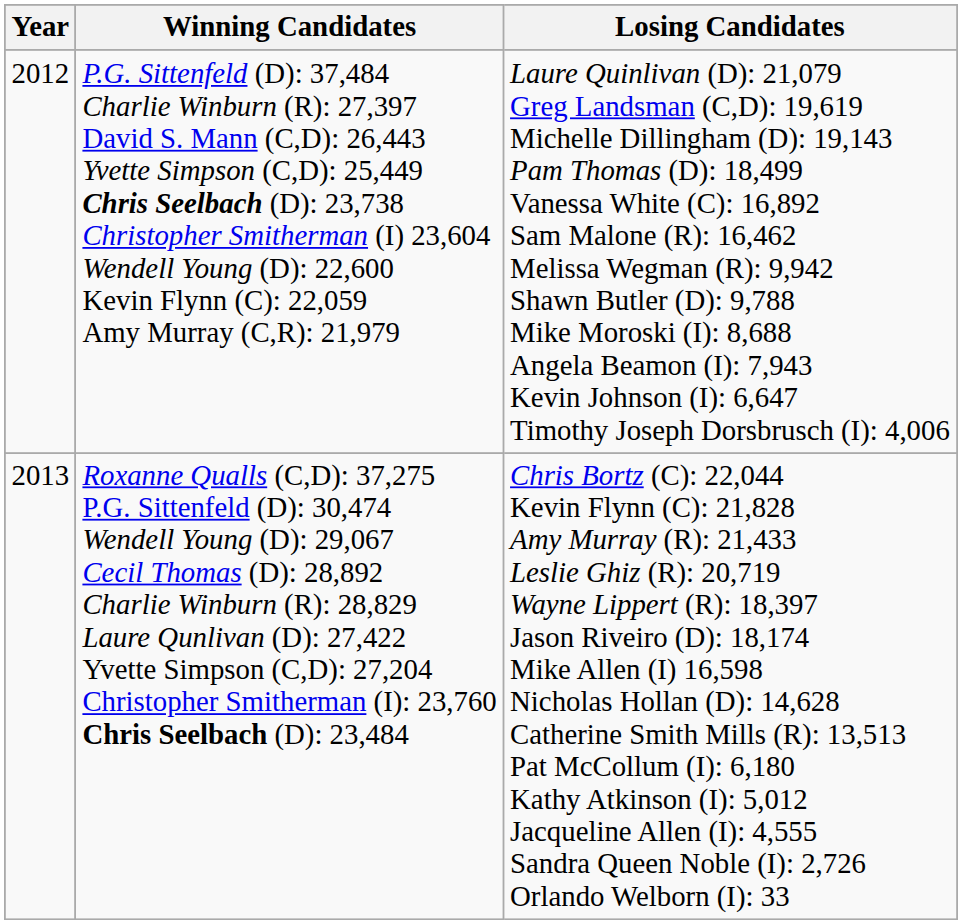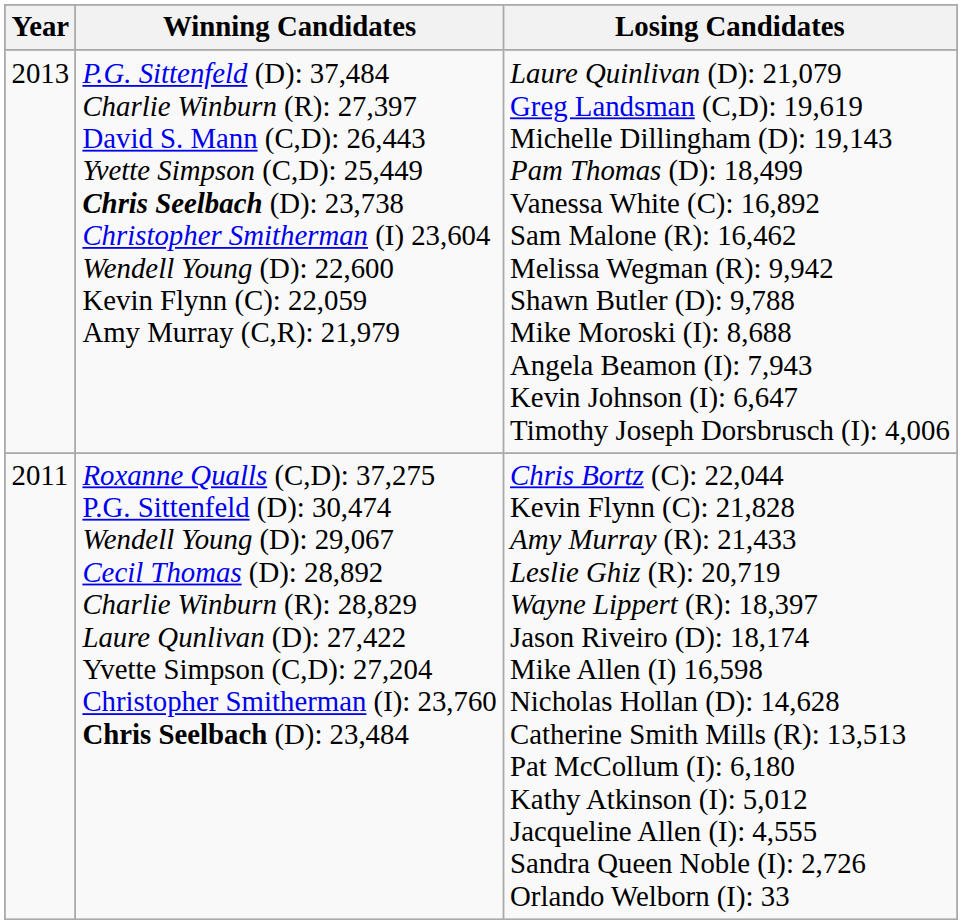 <table class="wikitable">
 <tr>
 <th>Year</th>
 <th>Winning Candidates</th>
 <th>Losing Candidates</th>
 </tr>
 <tr valign=top>
-<td>2012</td>
+<td>2013</td>
 <td><em><a href='#'>P.G. Sittenfeld</a></em> (D): 37,484<br><em>Charlie Winburn</em> (R): 27,397<br><a href='#'>David S. Mann</a> (C,D): 26,443<br><em>Yvette Simpson</em> (C,D): 25,449<br><strong><em>Chris Seelbach</em></strong> (D): 23,738<br><em><a href='#'>Christopher Smitherman</a></em> (I) 23,604<br><em>Wendell Young</em> (D): 22,600<br>Kevin Flynn (C): 22,059<br>Amy Murray (C,R): 21,979</td>
 <td><em>Laure Quinlivan</em> (D): 21,079<br><a href='#'>Greg Landsman</a> (C,D): 19,619<br>Michelle Dillingham (D): 19,143<br><em>Pam Thomas</em> (D): 18,499<br>Vanessa White (C): 16,892<br>Sam Malone (R): 16,462<br>Melissa Wegman (R): 9,942<br>Shawn Butler (D): 9,788<br>Mike Moroski (I): 8,688<br>Angela Beamon (I): 7,943<br>Kevin Johnson (I): 6,647<br>Timothy Joseph Dorsbrusch (I): 4,006<br></td>
 </tr>
 <tr valign=top>
-<td>2013</td>
+<td>2011</td>
 <td><em><a href='#'>Roxanne Qualls</a></em> (C,D): 37,275<br><a href='#'>P.G. Sittenfeld</a> (D): 30,474<br><em>Wendell Young</em> (D): 29,067<br><em><a href='#'>Cecil Thomas</a></em> (D): 28,892<br><em>Charlie Winburn</em> (R): 28,829<br><em>Laure Qunlivan</em> (D): 27,422<br>Yvette Simpson (C,D): 27,204<br><a href='#'>Christopher Smitherman</a> (I): 23,760<br><strong>Chris Seelbach</strong> (D): 23,484</td>
 <td><em><a href='#'>Chris Bortz</a></em> (C): 22,044<br>Kevin Flynn (C): 21,828<br><em>Amy Murray</em> (R): 21,433<br><em>Leslie Ghiz</em> (R): 20,719<br><em>Wayne Lippert</em> (R): 18,397<br>Jason Riveiro (D): 18,174<br>Mike Allen (I) 16,598<br>Nicholas Hollan (D): 14,628<br>Catherine Smith Mills (R): 13,513<br>Pat McCollum (I): 6,180<br>Kathy Atkinson (I): 5,012<br>Jacqueline Allen (I): 4,555<br>Sandra Queen Noble (I): 2,726<br>Orlando Welborn (I): 33</td>
 </tr>
 </table>
